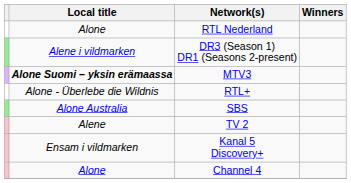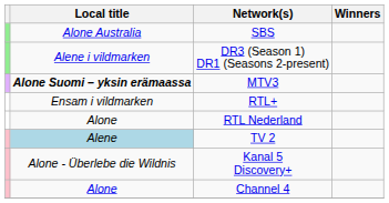 <table class="wikitable" style="text-align:left; line-height:18px;">
 <tr>
 <th scope="col"></th>
 <th scope="col">Local title<br></th>
 <th scope="col">Network(s)</th>
 <th scope="col">Winners</th>
 </tr>
 <tr>
-<td style="background:#FFFFFF ;"></td>
-<td style="text-align:center;"><em>Alone</em></td>
-<td style="text-align:center;"><a href='#'>RTL Nederland</a></td>
+<td style="background:#90EE90;"></td>
+<td style="text-align:center;"><em><a href='#'>Alone Australia</a></em></td>
+<td style="text-align:center;"><a href='#'>SBS</a></td>
 <td></td>
 </tr>
 <tr>
 <td style="background:#90EE90;"></td>
 <td style="text-align:center;"><em><a href='#'>Alene i vildmarken</a></em><br></td>
 <td style="text-align:center;"><a href='#'>DR3</a> (Season 1)<br><a href='#'>DR1</a> (Seasons 2-present)</td>
 <td></td>
 </tr>
 <tr>
 <td style="background:#E0B0FF;"></td>
 <td style="text-align:center;"><strong><em>Alone Suomi – yksin erämaassa</em><br></strong></td>
 <td style="text-align:center;"><a href='#'>MTV3</a></td>
 <td></td>
 </tr>
 <tr>
 <td style="background:#FFFFFF;"></td>
-<td style="text-align:center;"><em>Alone - Überlebe die Wildnis</em><br></td>
+<td style="text-align:center;"><em>Ensam i vildmarken</em><br></td>
 <td style="text-align:center;"><a href='#'>RTL+</a></td>
 <td></td>
 </tr>
 <tr>
-<td style="background:#90EE90;"></td>
-<td style="text-align:center;"><em><a href='#'>Alone Australia</a></em></td>
-<td style="text-align:center;"><a href='#'>SBS</a></td>
+<td style="background:#FFFFFF ;"></td>
+<td style="text-align:center;"><em>Alone</em></td>
+<td style="text-align:center;"><a href='#'>RTL Nederland</a></td>
 <td></td>
 </tr>
 <tr>
 <td style="background:#FFC0CB;"></td>
-<td style="text-align:center;"><em>Alene</em><br></td>
+<td style="background: lightblue; text-align:center;"><em>Alene</em><br></td>
 <td style="text-align:center;"><a href='#'>TV 2</a></td>
 <td></td>
 </tr>
 <tr>
 <td style="background:#FFC0CB"></td>
-<td style="text-align:center;"><em>Ensam i vildmarken</em><br></td>
+<td style="text-align:center;"><em>Alone - Überlebe die Wildnis</em><br></td>
 <td style="text-align:center;"><a href='#'>Kanal 5</a><br><a href='#'>Discovery+</a></td>
 <td></td>
 </tr>
 <tr>
 <td style="background:#FFC0CB ;"></td>
 <td style="text-align:center;"><em><a href='#'>Alone</a></em></td>
 <td style="text-align:center;"><a href='#'>Channel 4</a></td>
 <td></td>
 </tr>
 <tr>
 </tr>
 </table>
